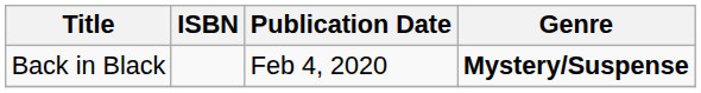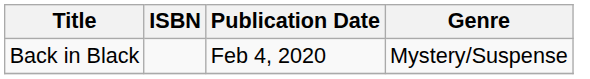 <table class="wikitable">
 <tr>
 <th>Title</th>
 <th>ISBN</th>
 <th>Publication Date</th>
 <th>Genre</th>
 </tr>
 <tr>
 <td>Back in Black</td>
 <td></td>
 <td>Feb 4, 2020</td>
-<td><strong>Mystery/Suspense</strong></td>
+<td>Mystery/Suspense</td>
 </tr>
 <tr>
 </tr>
 </table>
